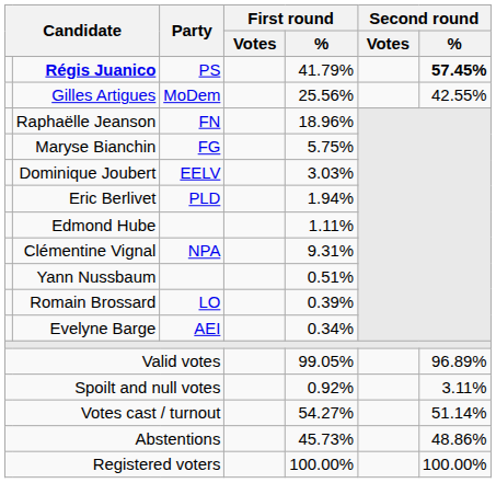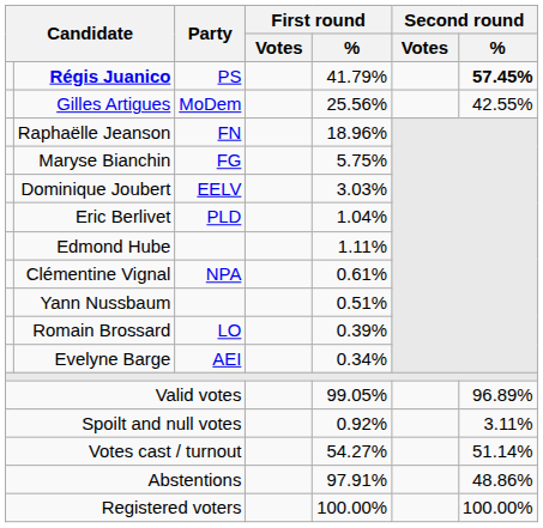 <table class="wikitable" style="text-align:right;font-size:95%;">
 <tr>
 <th rowspan=2 colspan=2>Candidate</th>
 <th rowspan=2 colspan=1>Party</th>
 <th colspan=2>First round</th>
 <th colspan=2>Second round</th>
 </tr>
 <tr>
 <th style="width:50px;">Votes</th>
 <th style="width:55px;">%</th>
 <th style="width:50px;">Votes</th>
 <th style="width:55px;">%</th>
 </tr>
 <tr>
 <td style="color:inherit;background-color:"></td>
 <td><strong><a href='#'>Régis Juanico</a></strong></td>
 <td><a href='#'>PS</a></td>
 <td></td>
 <td>41.79%</td>
 <td><strong></strong></td>
 <td><strong>57.45%</strong></td>
 </tr>
 <tr>
 <td style="color:inherit;background-color:"></td>
 <td><a href='#'>Gilles Artigues</a></td>
 <td><a href='#'>MoDem</a></td>
 <td></td>
 <td>25.56%</td>
 <td></td>
 <td>42.55%</td>
 </tr>
 <tr>
 <td style="color:inherit;background-color:"></td>
 <td>Raphaëlle Jeanson</td>
 <td><a href='#'>FN</a></td>
 <td></td>
 <td>18.96%</td>
 <td colspan=7 rowspan=9 style="background-color:#E9E9E9;"></td>
 </tr>
 <tr>
 <td style="color:inherit;background-color:"></td>
 <td>Maryse Bianchin</td>
 <td><a href='#'>FG</a></td>
 <td></td>
 <td>5.75%</td>
 </tr>
 <tr>
 <td style="color:inherit;background-color:"></td>
 <td>Dominique Joubert</td>
 <td><a href='#'>EELV</a></td>
 <td></td>
 <td>3.03%</td>
 </tr>
 <tr>
 <td style="color:inherit;background-color:"></td>
 <td>Eric Berlivet</td>
 <td><a href='#'>PLD</a></td>
 <td></td>
-<td>1.94%</td>
+<td>1.04%</td>
 </tr>
 <tr>
 <td style="background-color:;"></td>
 <td>Edmond Hube</td>
 <td></td>
 <td></td>
 <td>1.11%</td>
 </tr>
 <tr>
 <td style="color:inherit;background-color:"></td>
 <td>Clémentine Vignal</td>
 <td><a href='#'>NPA</a></td>
 <td></td>
-<td>9.31%</td>
+<td>0.61%</td>
 </tr>
 <tr>
 <td style="background-color:;"></td>
 <td>Yann Nussbaum</td>
 <td></td>
 <td></td>
 <td>0.51%</td>
 </tr>
 <tr>
 <td style="color:inherit;background-color:"></td>
 <td>Romain Brossard</td>
 <td><a href='#'>LO</a></td>
 <td></td>
 <td>0.39%</td>
 </tr>
 <tr>
 <td style="color:inherit;background-color:"></td>
 <td>Evelyne Barge</td>
 <td><a href='#'>AEI</a></td>
 <td></td>
 <td>0.34%</td>
 </tr>
 <tr>
 <td colspan=7 style="background-color:#E9E9E9;"></td>
 </tr>
 <tr>
 <td colspan=3>Valid votes</td>
 <td></td>
 <td>99.05%</td>
 <td></td>
 <td>96.89%</td>
 </tr>
 <tr>
 <td colspan=3>Spoilt and null votes</td>
 <td></td>
 <td>0.92%</td>
 <td></td>
 <td>3.11%</td>
 </tr>
 <tr>
 <td colspan=3>Votes cast / turnout</td>
 <td></td>
 <td>54.27%</td>
 <td></td>
 <td>51.14%</td>
 </tr>
 <tr>
 <td colspan=3>Abstentions</td>
 <td></td>
-<td>45.73%</td>
+<td>97.91%</td>
 <td></td>
 <td>48.86%</td>
 </tr>
 <tr>
 <td colspan=3>Registered voters</td>
 <td></td>
 <td>100.00%</td>
 <td></td>
 <td>100.00%</td>
 </tr>
 </table>
